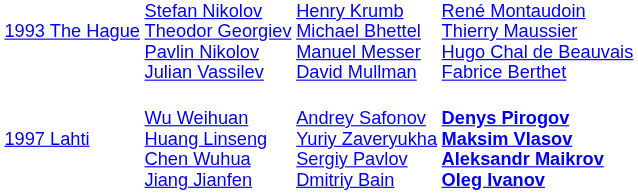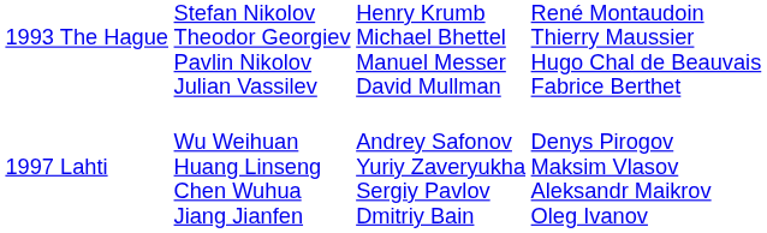 <table>
 <tr>
 <td><a href='#'>1993 The Hague</a></td>
 <td><br><a href='#'>Stefan Nikolov</a><br><a href='#'>Theodor Georgiev</a><br><a href='#'>Pavlin Nikolov</a><br><a href='#'>Julian Vassilev</a></td>
 <td><br><a href='#'>Henry Krumb</a><br><a href='#'>Michael Bhettel</a><br><a href='#'>Manuel Messer</a><br><a href='#'>David Mullman</a></td>
 <td><br><a href='#'>René Montaudoin</a><br><a href='#'>Thierry Maussier</a><br><a href='#'>Hugo Chal de Beauvais</a><br><a href='#'>Fabrice Berthet</a></td>
 </tr>
 <tr>
 <td><a href='#'>1997 Lahti</a></td>
 <td><br><a href='#'>Wu Weihuan</a><br><a href='#'>Huang Linseng</a><br><a href='#'>Chen Wuhua</a><br><a href='#'>Jiang Jianfen</a></td>
 <td><br><a href='#'>Andrey Safonov</a><br><a href='#'>Yuriy Zaveryukha</a><br><a href='#'>Sergiy Pavlov</a><br><a href='#'>Dmitriy Bain</a></td>
-<td><strong><br><a href='#'>Denys Pirogov</a><br><a href='#'>Maksim Vlasov</a><br><a href='#'>Aleksandr Maikrov</a><br><a href='#'>Oleg Ivanov</a></strong></td>
+<td><br><a href='#'>Denys Pirogov</a><br><a href='#'>Maksim Vlasov</a><br><a href='#'>Aleksandr Maikrov</a><br><a href='#'>Oleg Ivanov</a></td>
 </tr>
 </table>
